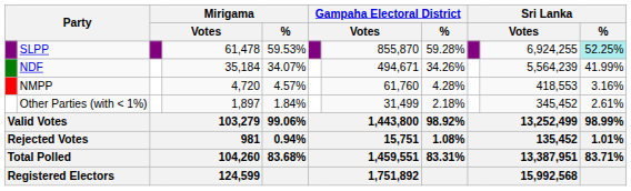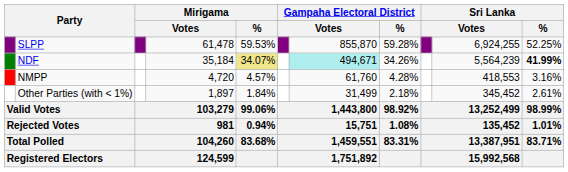 <table class="wikitable">
 <tr>
 <th colspan="2" width="144px"rowspan="2">Party</th>
 <th colspan="3" width="216px">Mirigama</th>
 <th colspan="3" width="216px"><a href='#'>Gampaha Electoral District</a></th>
 <th colspan="3" width="216px">Sri Lanka</th>
 </tr>
 <tr>
 <th colspan="2" width="144px">Votes</th>
 <th>%</th>
 <th colspan="2" width="144px">Votes</th>
 <th>%</th>
 <th colspan="2" width="144px">Votes</th>
 <th>%</th>
 </tr>
 <tr>
 <td style="background-color:purple;" width="10px"></td>
 <td style="text-align:left;"><a href='#'>SLPP</a></td>
 <td style="background-color:purple;" width="10px"></td>
 <td style="text-align:right;">61,478</td>
 <td style="text-align:right;">59.53%</td>
 <td style="background-color:purple;" width="10px"></td>
 <td style="text-align:right;">855,870</td>
 <td style="text-align:right;">59.28%</td>
 <td style="background-color:purple;" width="10px"></td>
 <td style="text-align:right;">6,924,255</td>
-<td style="background: paleturquoise; text-align:right;">52.25%</td>
+<td style="text-align:right;">52.25%</td>
 </tr>
 <tr>
 <td style="background-color:green;" width="10px"></td>
 <td style="text-align:left;"><a href='#'>NDF</a></td>
 <td style="background-color:white;" width="10px"></td>
 <td style="text-align:right;">35,184</td>
-<td style="text-align:right;">34.07%</td>
+<td style="background: khaki; text-align:right;">34.07%</td>
 <td style="background-color:white;" width="10px"></td>
-<td style="text-align:right;">494,671</td>
+<td style="background: paleturquoise; text-align:right;">494,671</td>
 <td style="text-align:right;">34.26%</td>
 <td style="background-color:white;" width="10px"></td>
 <td style="text-align:right;">5,564,239</td>
-<td style="text-align:right;">41.99%</td>
+<td style="text-align:right;"><strong>41.99%</strong></td>
 </tr>
 <tr>
 <td style="background-color:red;" width="10px"></td>
 <td style="text-align:left;">NMPP</td>
 <td style="background-color:white;" width="10px"></td>
 <td style="text-align:right;">4,720</td>
 <td style="text-align:right;">4.57%</td>
 <td style="background-color:white;" width="10px"></td>
 <td style="text-align:right;">61,760</td>
 <td style="text-align:right;">4.28%</td>
 <td style="background-color:white;" width="10px"></td>
 <td style="text-align:right;">418,553</td>
 <td style="text-align:right;">3.16%</td>
 </tr>
 <tr>
 <td style="background-color:white;" width="10px"></td>
 <td style="text-align:left;">Other Parties (with < 1%)</td>
 <td style="background-color:white;" width="10px"></td>
 <td style="text-align:right;">1,897</td>
 <td style="text-align:right;">1.84%</td>
 <td style="background-color:white;" width="10px"></td>
 <td style="text-align:right;">31,499</td>
 <td style="text-align:right;">2.18%</td>
 <td style="background-color:white;" width="10px"></td>
 <td style="text-align:right;">345,452</td>
 <td style="text-align:right;">2.61%</td>
 </tr>
 <tr>
 <th colspan="2" width="144px"style="text-align:left;">Valid Votes</th>
 <th style="text-align:right;"colspan="2" width="144px">103,279</th>
 <th style="text-align:right;">99.06%</th>
 <th style="text-align:right;"colspan="2" width="144px">1,443,800</th>
 <th style="text-align:right;">98.92%</th>
 <th style="text-align:right;"colspan="2" width="144px">13,252,499</th>
 <th style="text-align:right;">98.99%</th>
 </tr>
 <tr>
 <th colspan="2" width="144px"style="text-align:left;">Rejected Votes</th>
 <th style="text-align:right;"colspan="2" width="144px">981</th>
 <th style="text-align:right;">0.94%</th>
 <th style="text-align:right;"colspan="2" width="144px">15,751</th>
 <th style="text-align:right;">1.08%</th>
 <th style="text-align:right;"colspan="2" width="144px">135,452</th>
 <th style="text-align:right;">1.01%</th>
 </tr>
 <tr>
 <th colspan="2" width="144px"style="text-align:left;">Total Polled</th>
 <th style="text-align:right;"colspan="2" width="144px">104,260</th>
 <th style="text-align:right;">83.68%</th>
 <th style="text-align:right;"colspan="2" width="144px">1,459,551</th>
 <th style="text-align:right;">83.31%</th>
 <th style="text-align:right;"colspan="2" width="144px">13,387,951</th>
 <th style="text-align:right;">83.71%</th>
 </tr>
 <tr>
 <th colspan="2" width="144px"style="text-align:left;">Registered Electors</th>
 <th style="text-align:right;"colspan="2" width="144px">124,599</th>
 <th></th>
 <th style="text-align:right;"colspan="2" width="144px">1,751,892</th>
 <th></th>
 <th style="text-align:right;"colspan="2" width="144px">15,992,568</th>
 <th></th>
 </tr>
 </table>
